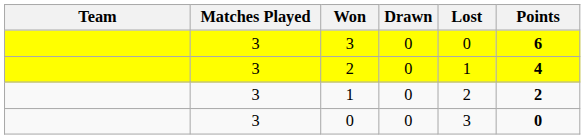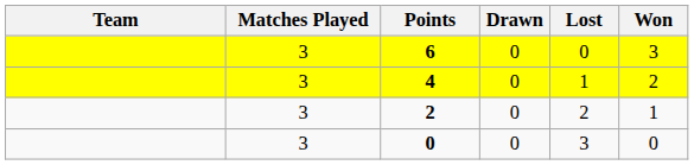 <table class=wikitable style="text-align:center">
 <tr>
 <th width=175>Team</th>
 <th width=120>Matches Played</th>
-<th width=50>Won</th>
+<th width=75>Points</th>
 <th width=50>Drawn</th>
 <th width=50>Lost</th>
-<th width=75>Points</th>
+<th width=50>Won</th>
 </tr>
 <tr bgcolor="yellow">
 <td align=left></td>
 <td>3</td>
-<td>3</td>
+<td><strong>6</strong></td>
 <td>0</td>
 <td>0</td>
-<td><strong>6</strong></td>
+<td>3</td>
 </tr>
 <tr bgcolor="yellow">
 <td align=left></td>
 <td>3</td>
-<td>2</td>
+<td><strong>4</strong></td>
 <td>0</td>
 <td>1</td>
-<td><strong>4</strong></td>
+<td>2</td>
 </tr>
 <tr>
 <td align=left></td>
 <td>3</td>
-<td>1</td>
+<td><strong>2</strong></td>
 <td>0</td>
 <td>2</td>
-<td><strong>2</strong></td>
+<td>1</td>
 </tr>
 <tr>
 <td align=left></td>
 <td>3</td>
-<td>0</td>
+<td><strong>0</strong></td>
 <td>0</td>
 <td>3</td>
-<td><strong>0</strong></td>
+<td>0</td>
 </tr>
 </table>
